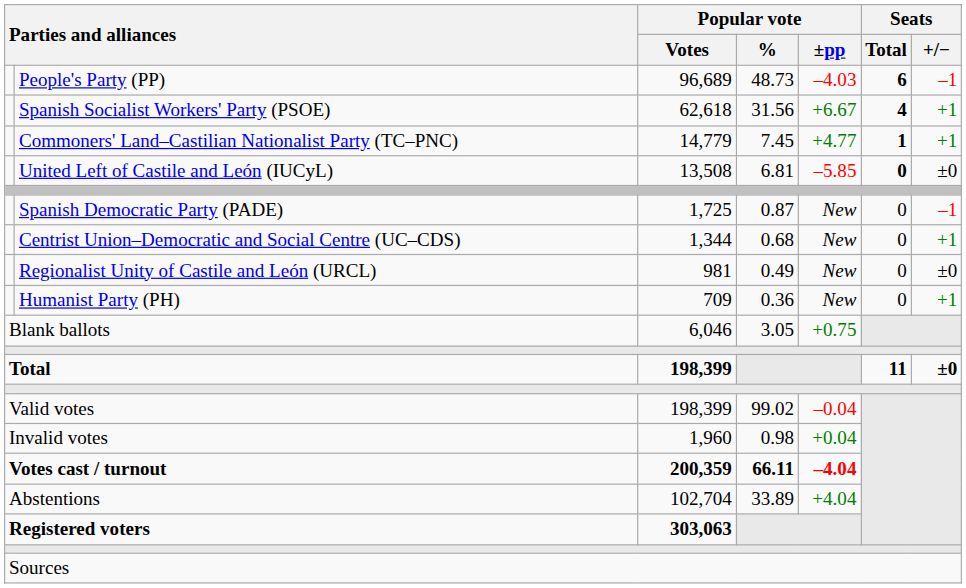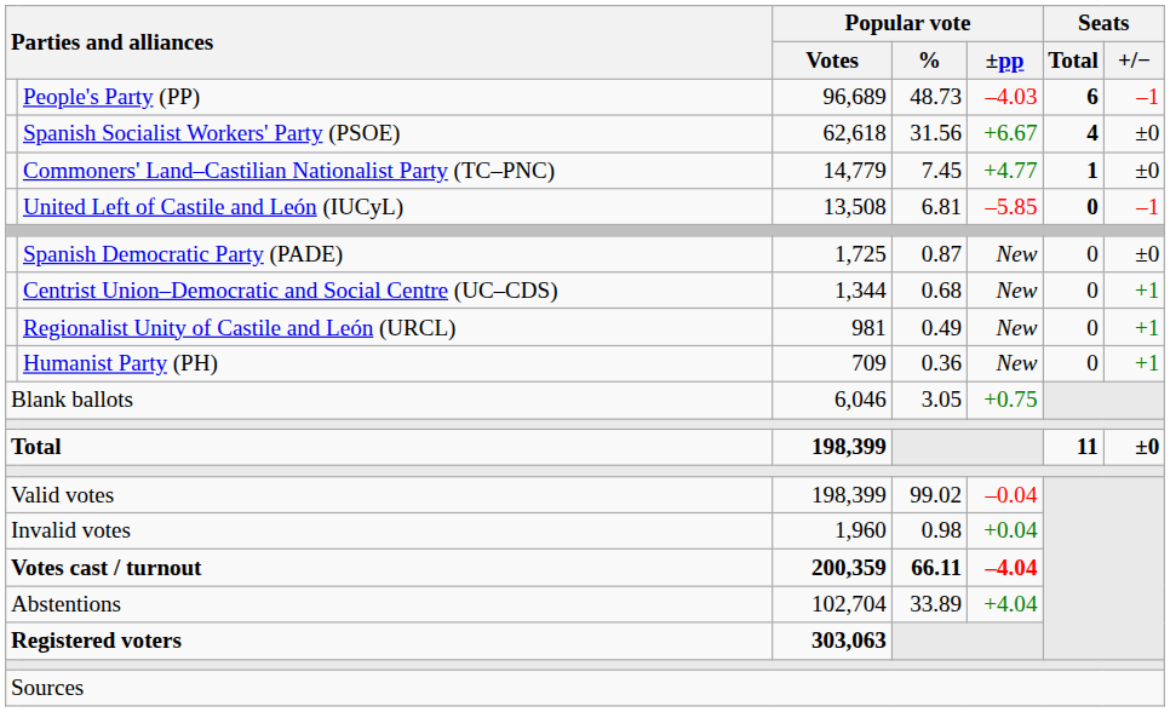 <table class="wikitable" style="text-align:right;">
 <tr>
 <th style="text-align:left;" rowspan="2" colspan="2" width="525">Parties and alliances</th>
 <th colspan="3">Popular vote</th>
 <th colspan="2">Seats</th>
 </tr>
 <tr>
 <th width="75">Votes</th>
 <th width="45">%</th>
 <th width="45">±<a href='#'>pp</a></th>
 <th width="35">Total</th>
 <th width="35">+/−</th>
 </tr>
 <tr>
 <td width="1" style="color:inherit;background:"></td>
 <td align="left"><a href='#'>People's Party</a> (PP)</td>
 <td>96,689</td>
 <td>48.73</td>
 <td style="color:red;">–4.03</td>
 <td><strong>6</strong></td>
 <td style="color:red;">–1</td>
 </tr>
 <tr>
 <td style="color:inherit;background:"></td>
 <td align="left"><a href='#'>Spanish Socialist Workers' Party</a> (PSOE)</td>
 <td>62,618</td>
 <td>31.56</td>
 <td style="color:green;">+6.67</td>
 <td><strong>4</strong></td>
-<td style="color:green;">+1</td>
+<td>±0</td>
 </tr>
 <tr>
 <td style="color:inherit;background:"></td>
 <td align="left"><a href='#'>Commoners' Land–Castilian Nationalist Party</a> (TC–PNC)</td>
 <td>14,779</td>
 <td>7.45</td>
 <td style="color:green;">+4.77</td>
 <td><strong>1</strong></td>
-<td style="color:green;">+1</td>
+<td>±0</td>
 </tr>
 <tr>
 <td style="color:inherit;background:"></td>
 <td align="left"><a href='#'>United Left of Castile and León</a> (IUCyL)</td>
 <td>13,508</td>
 <td>6.81</td>
 <td style="color:red;">–5.85</td>
 <td><strong>0</strong></td>
-<td>±0</td>
+<td style="color:red;">–1</td>
 </tr>
 <tr>
 <td colspan="7" bgcolor="#C0C0C0"></td>
 </tr>
 <tr>
 <td style="color:inherit;background:"></td>
 <td align="left"><a href='#'>Spanish Democratic Party</a> (PADE)</td>
 <td>1,725</td>
 <td>0.87</td>
 <td><em>New</em></td>
 <td>0</td>
-<td style="color:red;">–1</td>
+<td>±0</td>
 </tr>
 <tr>
 <td style="color:inherit;background:"></td>
 <td align="left"><a href='#'>Centrist Union–Democratic and Social Centre</a> (UC–CDS)</td>
 <td>1,344</td>
 <td>0.68</td>
 <td><em>New</em></td>
 <td>0</td>
 <td style="color:green;">+1</td>
 </tr>
 <tr>
 <td style="color:inherit;background:"></td>
 <td align="left"><a href='#'>Regionalist Unity of Castile and León</a> (URCL)</td>
 <td>981</td>
 <td>0.49</td>
 <td><em>New</em></td>
 <td>0</td>
-<td>±0</td>
+<td style="color:green;">+1</td>
 </tr>
 <tr>
 <td style="color:inherit;background:"></td>
 <td align="left"><a href='#'>Humanist Party</a> (PH)</td>
 <td>709</td>
 <td>0.36</td>
 <td><em>New</em></td>
 <td>0</td>
 <td style="color:green;">+1</td>
 </tr>
 <tr>
 <td align="left" colspan="2">Blank ballots</td>
 <td>6,046</td>
 <td>3.05</td>
 <td style="color:green;">+0.75</td>
 <td bgcolor="#E9E9E9" colspan="2"></td>
 </tr>
 <tr>
 <td colspan="7" bgcolor="#E9E9E9"></td>
 </tr>
 <tr style="font-weight:bold;">
 <td align="left" colspan="2">Total</td>
 <td>198,399</td>
 <td bgcolor="#E9E9E9" colspan="2"></td>
 <td>11</td>
 <td>±0</td>
 </tr>
 <tr>
 <td colspan="7" bgcolor="#E9E9E9"></td>
 </tr>
 <tr>
 <td align="left" colspan="2">Valid votes</td>
 <td>198,399</td>
 <td>99.02</td>
 <td style="color:red;">–0.04</td>
 <td bgcolor="#E9E9E9" colspan="2" rowspan="5"></td>
 </tr>
 <tr>
 <td align="left" colspan="2">Invalid votes</td>
 <td>1,960</td>
 <td>0.98</td>
 <td style="color:green;">+0.04</td>
 </tr>
 <tr style="font-weight:bold;">
 <td align="left" colspan="2">Votes cast / turnout</td>
 <td>200,359</td>
 <td>66.11</td>
 <td style="color:red;">–4.04</td>
 </tr>
 <tr>
 <td align="left" colspan="2">Abstentions</td>
 <td>102,704</td>
 <td>33.89</td>
 <td style="color:green;">+4.04</td>
 </tr>
 <tr style="font-weight:bold;">
 <td align="left" colspan="2">Registered voters</td>
 <td>303,063</td>
 <td bgcolor="#E9E9E9" colspan="2"></td>
 </tr>
 <tr>
 <td colspan="7" bgcolor="#E9E9E9"></td>
 </tr>
 <tr>
 <td align="left" colspan="7">Sources</td>
 </tr>
 </table>
